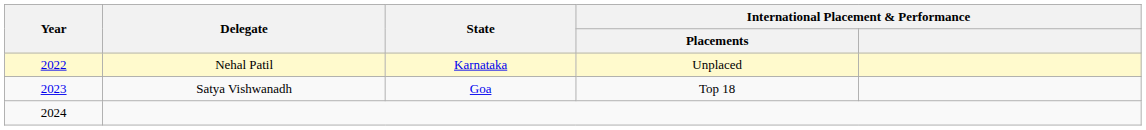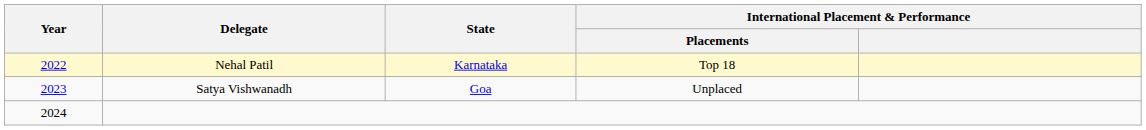 <table class="wikitable" style="text-align:center; line-height:20px; font-size:90%; width:100%;">
 <tr>
 <th rowspan="2"  width=100px>Year</th>
 <th rowspan="2"  width=300px>Delegate</th>
 <th rowspan="2"  width=200px>State</th>
 <th colspan="2"  width=100px>International Placement & Performance</th>
 </tr>
 <tr>
 <th width=300px>Placements</th>
 <th width=300px></th>
 </tr>
 <tr style="background-color:#FFFACD;">
 <td><a href='#'>2022</a></td>
 <td>Nehal Patil</td>
 <td><a href='#'>Karnataka</a></td>
-<td>Unplaced</td>
+<td>Top 18</td>
 <td></td>
 </tr>
 <tr>
 <td><a href='#'>2023</a></td>
 <td>Satya Vishwanadh</td>
 <td><a href='#'>Goa</a></td>
-<td>Top 18</td>
+<td>Unplaced</td>
 <td></td>
 </tr>
 <tr>
 <td>2024</td>
 <td colspan=4></td>
 </tr>
 </table>
